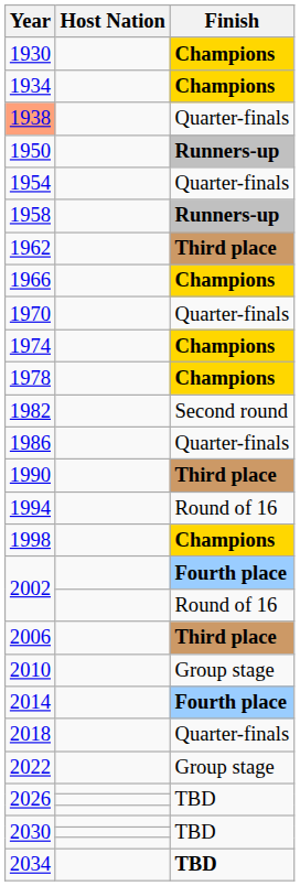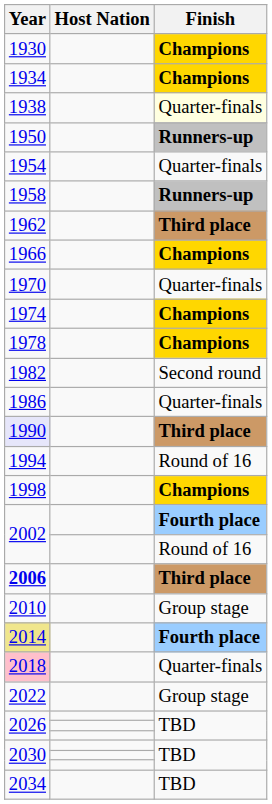 <table class="wikitable">
 <tr>
 <th>Year</th>
 <th>Host Nation</th>
 <th>Finish</th>
 </tr>
 <tr>
 <td><a href='#'>1930</a></td>
 <td></td>
 <td bgcolor="Gold"><strong>Champions</strong></td>
 </tr>
 <tr>
 <td><a href='#'>1934</a></td>
 <td></td>
 <td bgcolor="Gold"><strong>Champions</strong></td>
 </tr>
 <tr>
-<td style="background: lightsalmon;"><a href='#'>1938</a></td>
+<td><a href='#'>1938</a></td>
 <td></td>
-<td>Quarter-finals</td>
+<td style="background: lightyellow;">Quarter-finals</td>
 </tr>
 <tr>
 <td><a href='#'>1950</a></td>
 <td></td>
 <td bgcolor=Silver><strong>Runners-up</strong></td>
 </tr>
 <tr>
 <td><a href='#'>1954</a></td>
 <td></td>
 <td>Quarter-finals</td>
 </tr>
 <tr>
 <td><a href='#'>1958</a></td>
 <td></td>
 <td bgcolor=Silver><strong>Runners-up</strong></td>
 </tr>
 <tr>
 <td><a href='#'>1962</a></td>
 <td></td>
 <td bgcolor=#cc9966><strong>Third place</strong></td>
 </tr>
 <tr>
 <td><a href='#'>1966</a></td>
 <td></td>
 <td bgcolor=Gold><strong>Champions</strong></td>
 </tr>
 <tr>
 <td><a href='#'>1970</a></td>
 <td></td>
 <td>Quarter-finals</td>
 </tr>
 <tr>
 <td><a href='#'>1974</a></td>
 <td></td>
 <td bgcolor="Gold"><strong>Champions</strong></td>
 </tr>
 <tr>
 <td><a href='#'>1978</a></td>
 <td></td>
 <td bgcolor="Gold"><strong>Champions</strong></td>
 </tr>
 <tr>
 <td><a href='#'>1982</a></td>
 <td></td>
 <td>Second round</td>
 </tr>
 <tr>
 <td><a href='#'>1986</a></td>
 <td></td>
 <td>Quarter-finals</td>
 </tr>
 <tr>
-<td><a href='#'>1990</a></td>
+<td style="background: lavender;"><a href='#'>1990</a></td>
 <td></td>
 <td bgcolor=#cc9966><strong>Third place</strong></td>
 </tr>
 <tr>
 <td><a href='#'>1994</a></td>
 <td></td>
 <td>Round of 16</td>
 </tr>
 <tr>
 <td><a href='#'>1998</a></td>
 <td></td>
 <td bgcolor=Gold><strong>Champions</strong></td>
 </tr>
 <tr>
 <td rowspan=2><a href='#'>2002</a></td>
 <td></td>
 <td bgcolor=#9acdff><strong>Fourth place</strong></td>
 </tr>
 <tr>
 <td></td>
 <td>Round of 16</td>
 </tr>
 <tr>
-<td><a href='#'>2006</a></td>
+<td><strong><a href='#'>2006</a></strong></td>
 <td></td>
 <td bgcolor=#cc9966><strong>Third place</strong></td>
 </tr>
 <tr>
 <td><a href='#'>2010</a></td>
 <td></td>
 <td>Group stage</td>
 </tr>
 <tr>
-<td><a href='#'>2014</a></td>
+<td style="background: khaki;"><a href='#'>2014</a></td>
 <td></td>
 <td bgcolor=#9acdff><strong>Fourth place</strong></td>
 </tr>
 <tr>
-<td><a href='#'>2018</a></td>
+<td style="background: pink;"><a href='#'>2018</a></td>
 <td></td>
 <td>Quarter-finals</td>
 </tr>
 <tr>
 <td><a href='#'>2022</a></td>
 <td></td>
 <td>Group stage</td>
 </tr>
 <tr>
 <td rowspan=3><a href='#'>2026</a></td>
 <td></td>
 <td rowspan="3">TBD</td>
 </tr>
 <tr>
 <td></td>
 </tr>
 <tr>
 <td></td>
 </tr>
 <tr>
 <td rowspan=3><a href='#'>2030</a></td>
 <td></td>
 <td rowspan="3">TBD</td>
 </tr>
 <tr>
 <td></td>
 </tr>
 <tr>
 <td></td>
 </tr>
 <tr>
 <td><a href='#'>2034</a></td>
 <td></td>
-<td><strong>TBD</strong></td>
+<td>TBD</td>
 </tr>
 </table>
